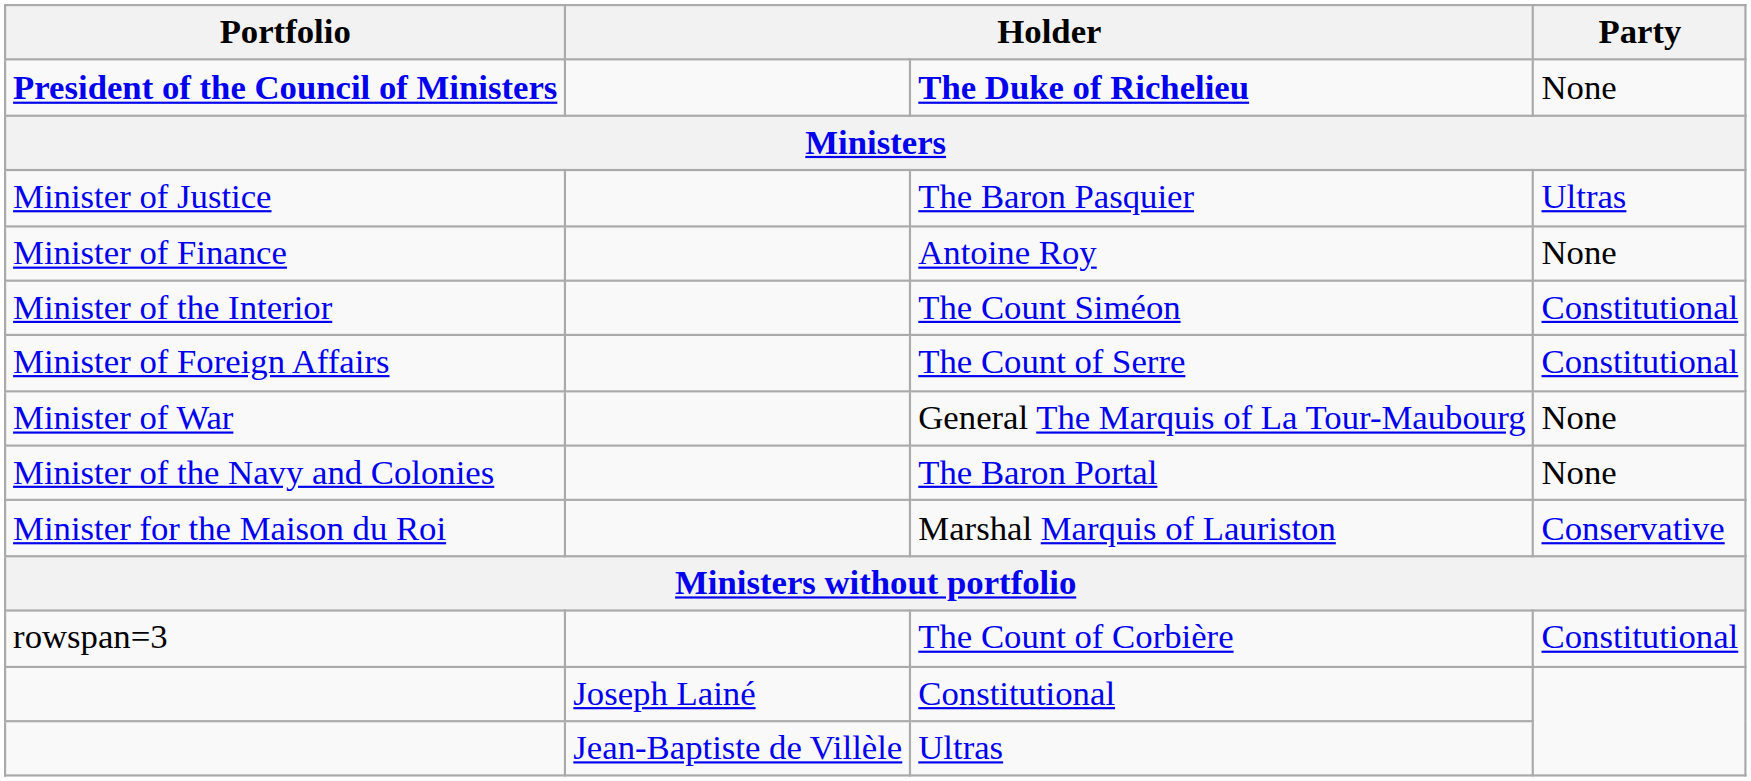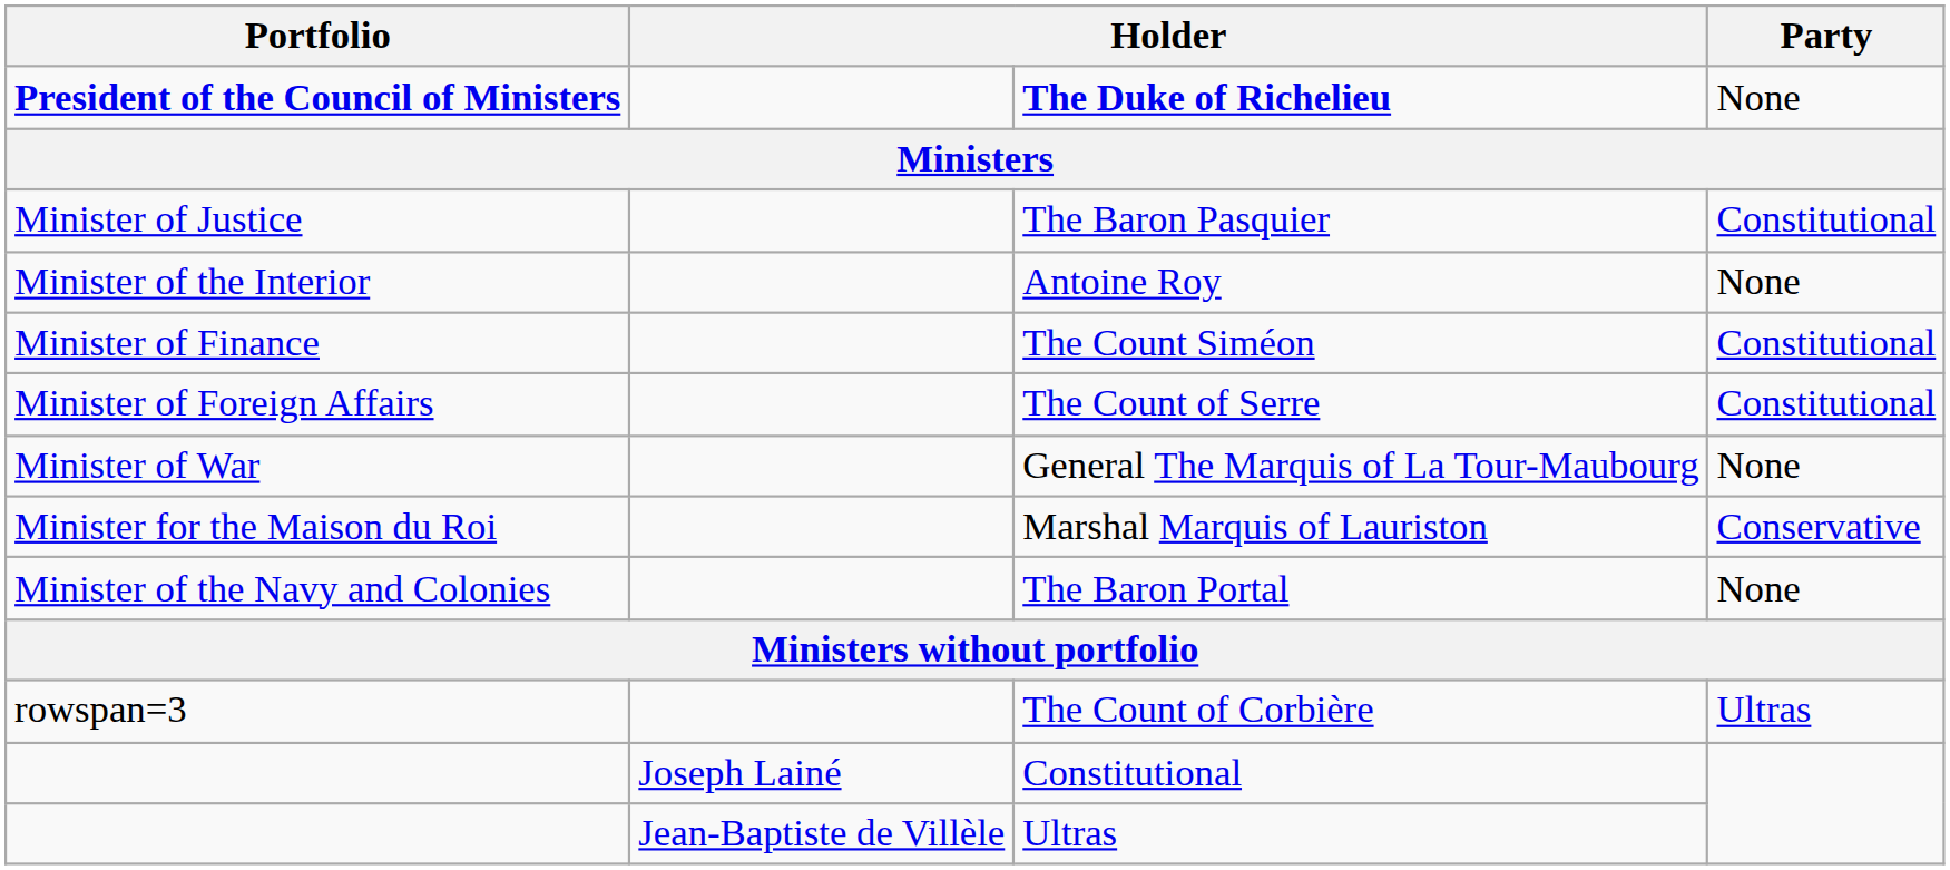 <table class="wikitable">
 <tr>
 <th>Portfolio</th>
 <th colspan=2>Holder</th>
 <th>Party</th>
 </tr>
 <tr>
 <td><strong><a href='#'>President of the Council of Ministers</a></strong></td>
 <td style="background:"></td>
 <td><strong><a href='#'>The Duke of Richelieu</a></strong></td>
 <td>None</td>
 </tr>
 <tr>
 <th colspan=4 align=center><a href='#'>Ministers</a></th>
 </tr>
 <tr>
 <td><a href='#'>Minister of Justice</a></td>
 <td style="background:"></td>
 <td><a href='#'>The Baron Pasquier</a></td>
-<td><a href='#'>Ultras</a></td>
+<td><a href='#'>Constitutional</a></td>
 </tr>
 <tr>
-<td><a href='#'>Minister of Finance</a></td>
+<td><a href='#'>Minister of the Interior</a></td>
 <td style="background:"></td>
 <td><a href='#'>Antoine Roy</a></td>
 <td>None</td>
 </tr>
 <tr>
-<td><a href='#'>Minister of the Interior</a></td>
+<td><a href='#'>Minister of Finance</a></td>
 <td style="background:"></td>
 <td><a href='#'>The Count Siméon</a></td>
 <td><a href='#'>Constitutional</a></td>
 </tr>
 <tr>
 <td><a href='#'>Minister of Foreign Affairs</a></td>
 <td style="background:"></td>
 <td><a href='#'>The Count of Serre</a></td>
 <td><a href='#'>Constitutional</a></td>
 </tr>
 <tr>
 <td><a href='#'>Minister of War</a></td>
 <td style="background:"></td>
 <td>General <a href='#'>The Marquis of La Tour-Maubourg</a></td>
 <td>None</td>
 </tr>
 <tr>
+<td><a href='#'>Minister for the Maison du Roi</a></td>
+<td style="background:"></td>
+<td>Marshal <a href='#'>Marquis of Lauriston</a></td>
+<td><a href='#'>Conservative</a></td>
+</tr>
+<tr>
 <td><a href='#'>Minister of the Navy and Colonies</a></td>
 <td style="background:"></td>
 <td><a href='#'>The Baron Portal</a></td>
 <td>None</td>
-</tr>
-<tr>
-<td><a href='#'>Minister for the Maison du Roi</a></td>
-<td style="background:"></td>
-<td>Marshal <a href='#'>Marquis of Lauriston</a></td>
-<td><a href='#'>Conservative</a></td>
 </tr>
 <tr>
 <th colspan=4 align=center><a href='#'>Ministers without portfolio</a><br></th>
 </tr>
 <tr>
 <td>rowspan=3 </td>
 <td style="background:"></td>
 <td><a href='#'>The Count of Corbière</a></td>
-<td><a href='#'>Constitutional</a></td>
+<td><a href='#'>Ultras</a></td>
 </tr>
 <tr>
 <td style="background:"></td>
 <td><a href='#'>Joseph Lainé</a></td>
 <td><a href='#'>Constitutional</a></td>
 </tr>
 <tr>
 <td style="background:"></td>
 <td><a href='#'>Jean-Baptiste de Villèle</a></td>
 <td><a href='#'>Ultras</a></td>
 </tr>
 </table>
